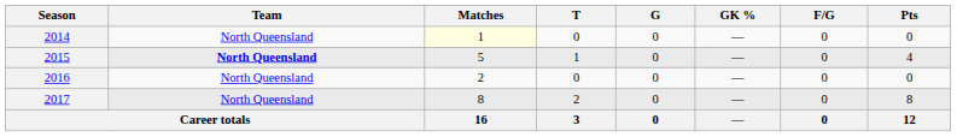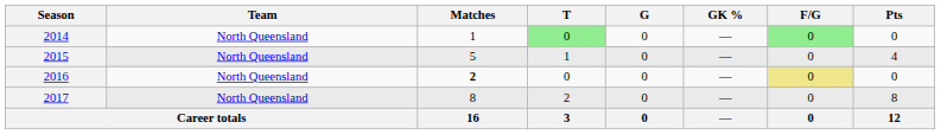 <table class="wikitable sortable"  style="font-size:90%; text-align:center; width:85%;">
 <tr>
 <th width=2%>Season</th>
 <th width=8%>Team</th>
 <th width=2%>Matches</th>
 <th width=2%>T</th>
 <th width=2%>G</th>
 <th width=2%>GK %</th>
 <th width=2%>F/G</th>
 <th width=2%>Pts</th>
 </tr>
 <tr>
 <th scope="row" style="text-align:center; font-weight:normal"><a href='#'>2014</a></th>
 <td style="text-align:center;"><a href='#'>North Queensland</a></td>
-<td style="background: lightyellow;">1</td>
-<td>0</td>
+<td>1</td>
+<td style="background: lightgreen;">0</td>
 <td>0</td>
 <td>—</td>
-<td>0</td>
+<td style="background: lightgreen;">0</td>
 <td>0</td>
 </tr>
 <tr style="background:#eaeaea;">
 <th scope="row" style="text-align:center; font-weight:normal"><a href='#'>2015</a></th>
-<td style="text-align:center;"><strong><a href='#'>North Queensland</a></strong></td>
+<td style="text-align:center;"><a href='#'>North Queensland</a></td>
 <td>5</td>
 <td>1</td>
 <td>0</td>
 <td>—</td>
 <td>0</td>
 <td>4</td>
 </tr>
 <tr>
 <th scope="row" style="text-align:center; font-weight:normal"><a href='#'>2016</a></th>
 <td style="text-align:center;"><a href='#'>North Queensland</a></td>
-<td>2</td>
+<td><strong>2</strong></td>
 <td>0</td>
 <td>0</td>
 <td>—</td>
-<td>0</td>
+<td style="background: khaki;">0</td>
 <td>0</td>
 </tr>
 <tr style="background:#eaeaea;">
 <th scope="row" style="text-align:center; font-weight:normal"><a href='#'>2017</a></th>
 <td style="text-align:center;"><a href='#'>North Queensland</a></td>
 <td>8</td>
 <td>2</td>
 <td>0</td>
 <td>—</td>
 <td>0</td>
 <td>8</td>
 </tr>
 <tr class="sortbottom">
 <th colspan=2>Career totals</th>
 <th>16</th>
 <th>3</th>
 <th>0</th>
 <th>—</th>
 <th>0</th>
 <th>12</th>
 </tr>
 </table>
